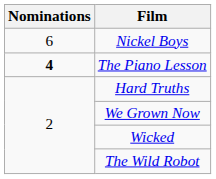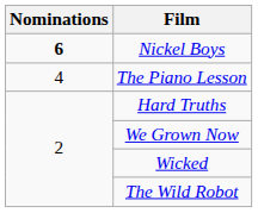 <table class="wikitable" rowspan="2" style="text-align:center" background: #f6e39c;>
 <tr>
 <th scope="col" style="width:55px;">Nominations</th>
 <th scope="col" style="text-align:center;">Film</th>
 </tr>
 <tr>
-<td>6</td>
+<td><strong>6</strong></td>
 <td><em><a href='#'>Nickel Boys</a></em></td>
 </tr>
 <tr>
-<td><strong>4</strong></td>
+<td>4</td>
 <td><em><a href='#'>The Piano Lesson</a></em></td>
 </tr>
 <tr>
 <td rowspan=4>2</td>
 <td><em><a href='#'>Hard Truths</a></em></td>
 </tr>
 <tr>
 <td><em><a href='#'>We Grown Now</a></em></td>
 </tr>
 <tr>
 <td><em><a href='#'>Wicked</a></em></td>
 </tr>
 <tr>
 <td><em><a href='#'>The Wild Robot</a></em></td>
 </tr>
 </table>
